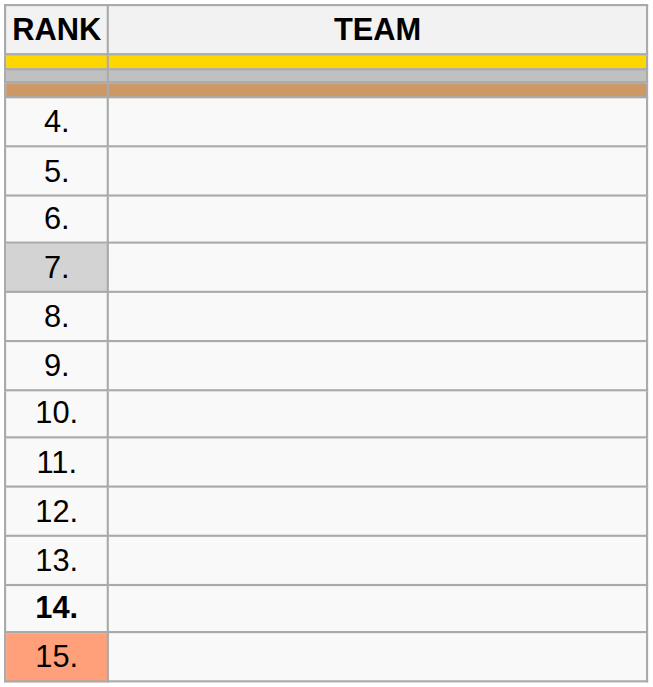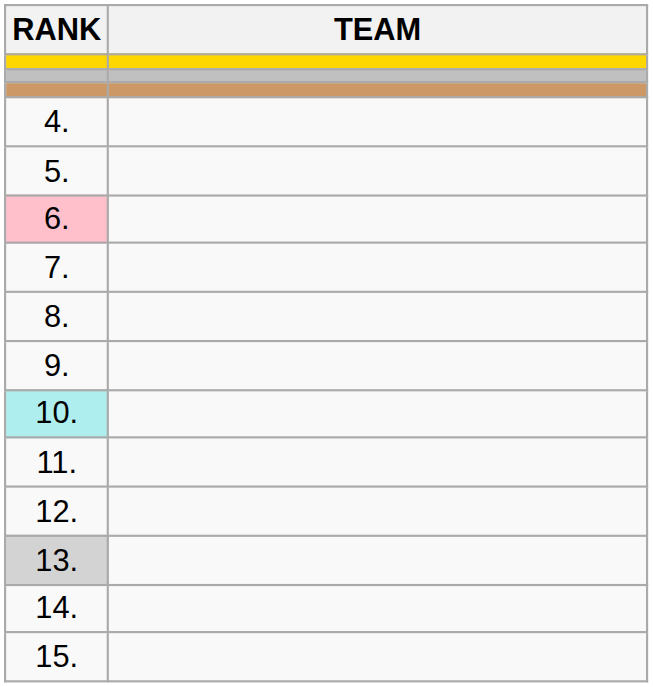 <table class="wikitable" style="border-collapse: collapse; font-size: 90%;">
 <tr>
 <th>RANK</th>
 <th align="left" style="width: 17em">TEAM</th>
 </tr>
 <tr bgcolor=gold>
 <td align="center"></td>
 <td></td>
 </tr>
 <tr bgcolor=silver>
 <td align="center"></td>
 <td></td>
 </tr>
 <tr bgcolor=cc9966>
 <td align="center"></td>
 <td></td>
 </tr>
 <tr>
 <td align="center">4.</td>
 <td></td>
 </tr>
 <tr>
 <td align="center">5.</td>
 <td></td>
 </tr>
 <tr>
-<td align="center">6.</td>
+<td align="center" style="background: pink;">6.</td>
 <td></td>
 </tr>
 <tr>
-<td align="center" style="background: lightgrey;">7.</td>
+<td align="center">7.</td>
 <td></td>
 </tr>
 <tr>
 <td align="center">8.</td>
 <td></td>
 </tr>
 <tr>
 <td align="center">9.</td>
 <td></td>
 </tr>
 <tr>
-<td align="center">10.</td>
+<td align="center" style="background: paleturquoise;">10.</td>
 <td></td>
 </tr>
 <tr>
 <td align="center">11.</td>
 <td></td>
 </tr>
 <tr>
 <td align="center">12.</td>
 <td></td>
 </tr>
 <tr>
-<td align="center">13.</td>
+<td align="center" style="background: lightgrey;">13.</td>
 <td></td>
 </tr>
 <tr>
-<td align="center"><strong>14.</strong></td>
+<td align="center">14.</td>
 <td></td>
 </tr>
 <tr>
-<td align="center" style="background: lightsalmon;">15.</td>
+<td align="center">15.</td>
 <td></td>
 </tr>
 </table>
